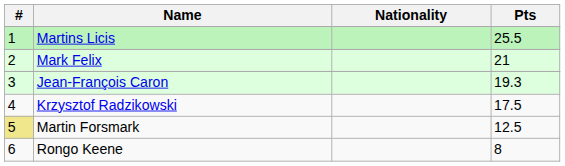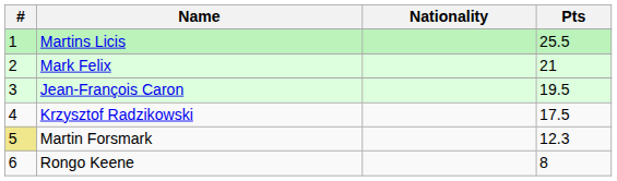 <table class="wikitable" style="display: inline-table;width: 50%;">
 <tr>
 <th>#</th>
 <th>Name</th>
 <th>Nationality</th>
 <th>Pts</th>
 </tr>
 <tr>
 </tr>
 <tr bgcolor=bbf3bb>
 <td>1</td>
 <td><a href='#'>Martins Licis</a></td>
 <td></td>
 <td>25.5</td>
 </tr>
 <tr>
 </tr>
 <tr bgcolor=ddffdd>
 <td>2</td>
 <td><a href='#'>Mark Felix</a></td>
 <td></td>
 <td>21</td>
 </tr>
 <tr>
 </tr>
 <tr bgcolor=ddffdd>
 <td>3</td>
 <td><a href='#'>Jean-François Caron</a></td>
 <td></td>
-<td>19.3</td>
+<td>19.5</td>
 </tr>
 <tr>
 <td>4</td>
 <td><a href='#'>Krzysztof Radzikowski</a></td>
 <td></td>
 <td>17.5</td>
 </tr>
 <tr>
 <td style="background: khaki;">5</td>
 <td>Martin Forsmark</td>
 <td></td>
-<td>12.5</td>
+<td>12.3</td>
 </tr>
 <tr>
 <td>6</td>
 <td>Rongo Keene</td>
 <td></td>
 <td>8</td>
 </tr>
 </table>
